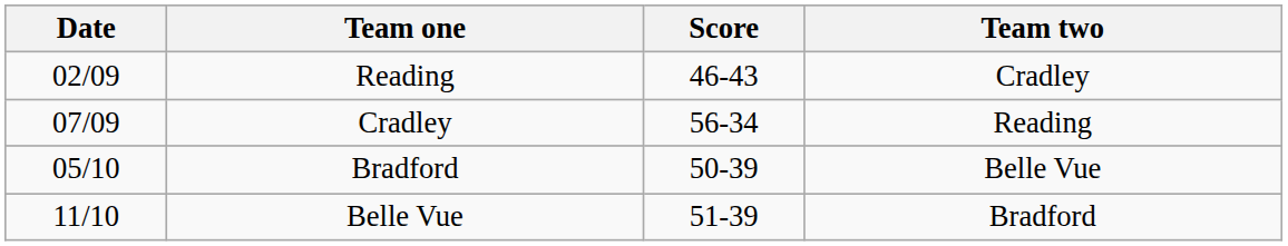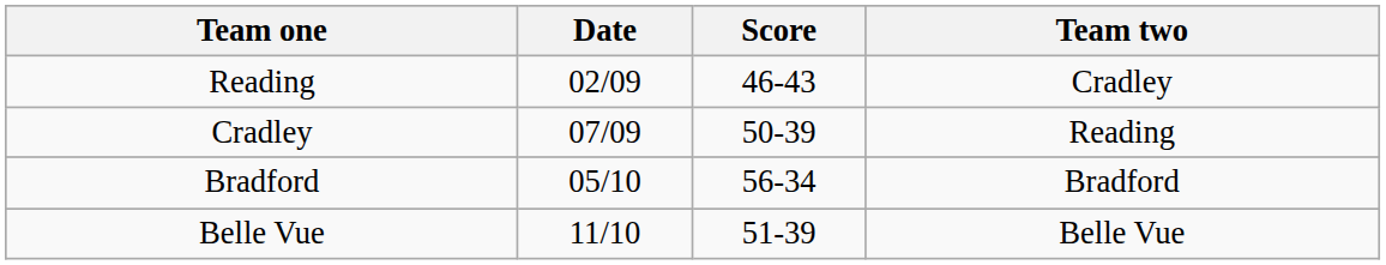 <table class="wikitable" style="text-align: center">
 <tr>
+<th width=250>Team one</th>
 <th width=80>Date</th>
-<th width=250>Team one</th>
 <th width=80>Score</th>
 <th width=250>Team two</th>
 </tr>
 <tr>
+<td>Reading</td>
 <td>02/09</td>
-<td>Reading</td>
 <td>46-43</td>
 <td>Cradley</td>
 </tr>
 <tr>
+<td>Cradley</td>
 <td>07/09</td>
-<td>Cradley</td>
-<td>56-34</td>
+<td>50-39</td>
 <td>Reading</td>
 </tr>
 <tr>
+<td>Bradford</td>
 <td>05/10</td>
+<td>56-34</td>
 <td>Bradford</td>
-<td>50-39</td>
+</tr>
+<tr>
+<td>Belle Vue</td>
+<td>11/10</td>
+<td>51-39</td>
 <td>Belle Vue</td>
 </tr>
-<tr>
-<td>11/10</td>
-<td>Belle Vue</td>
-<td>51-39</td>
-<td>Bradford</td>
-</tr>
 </table>
